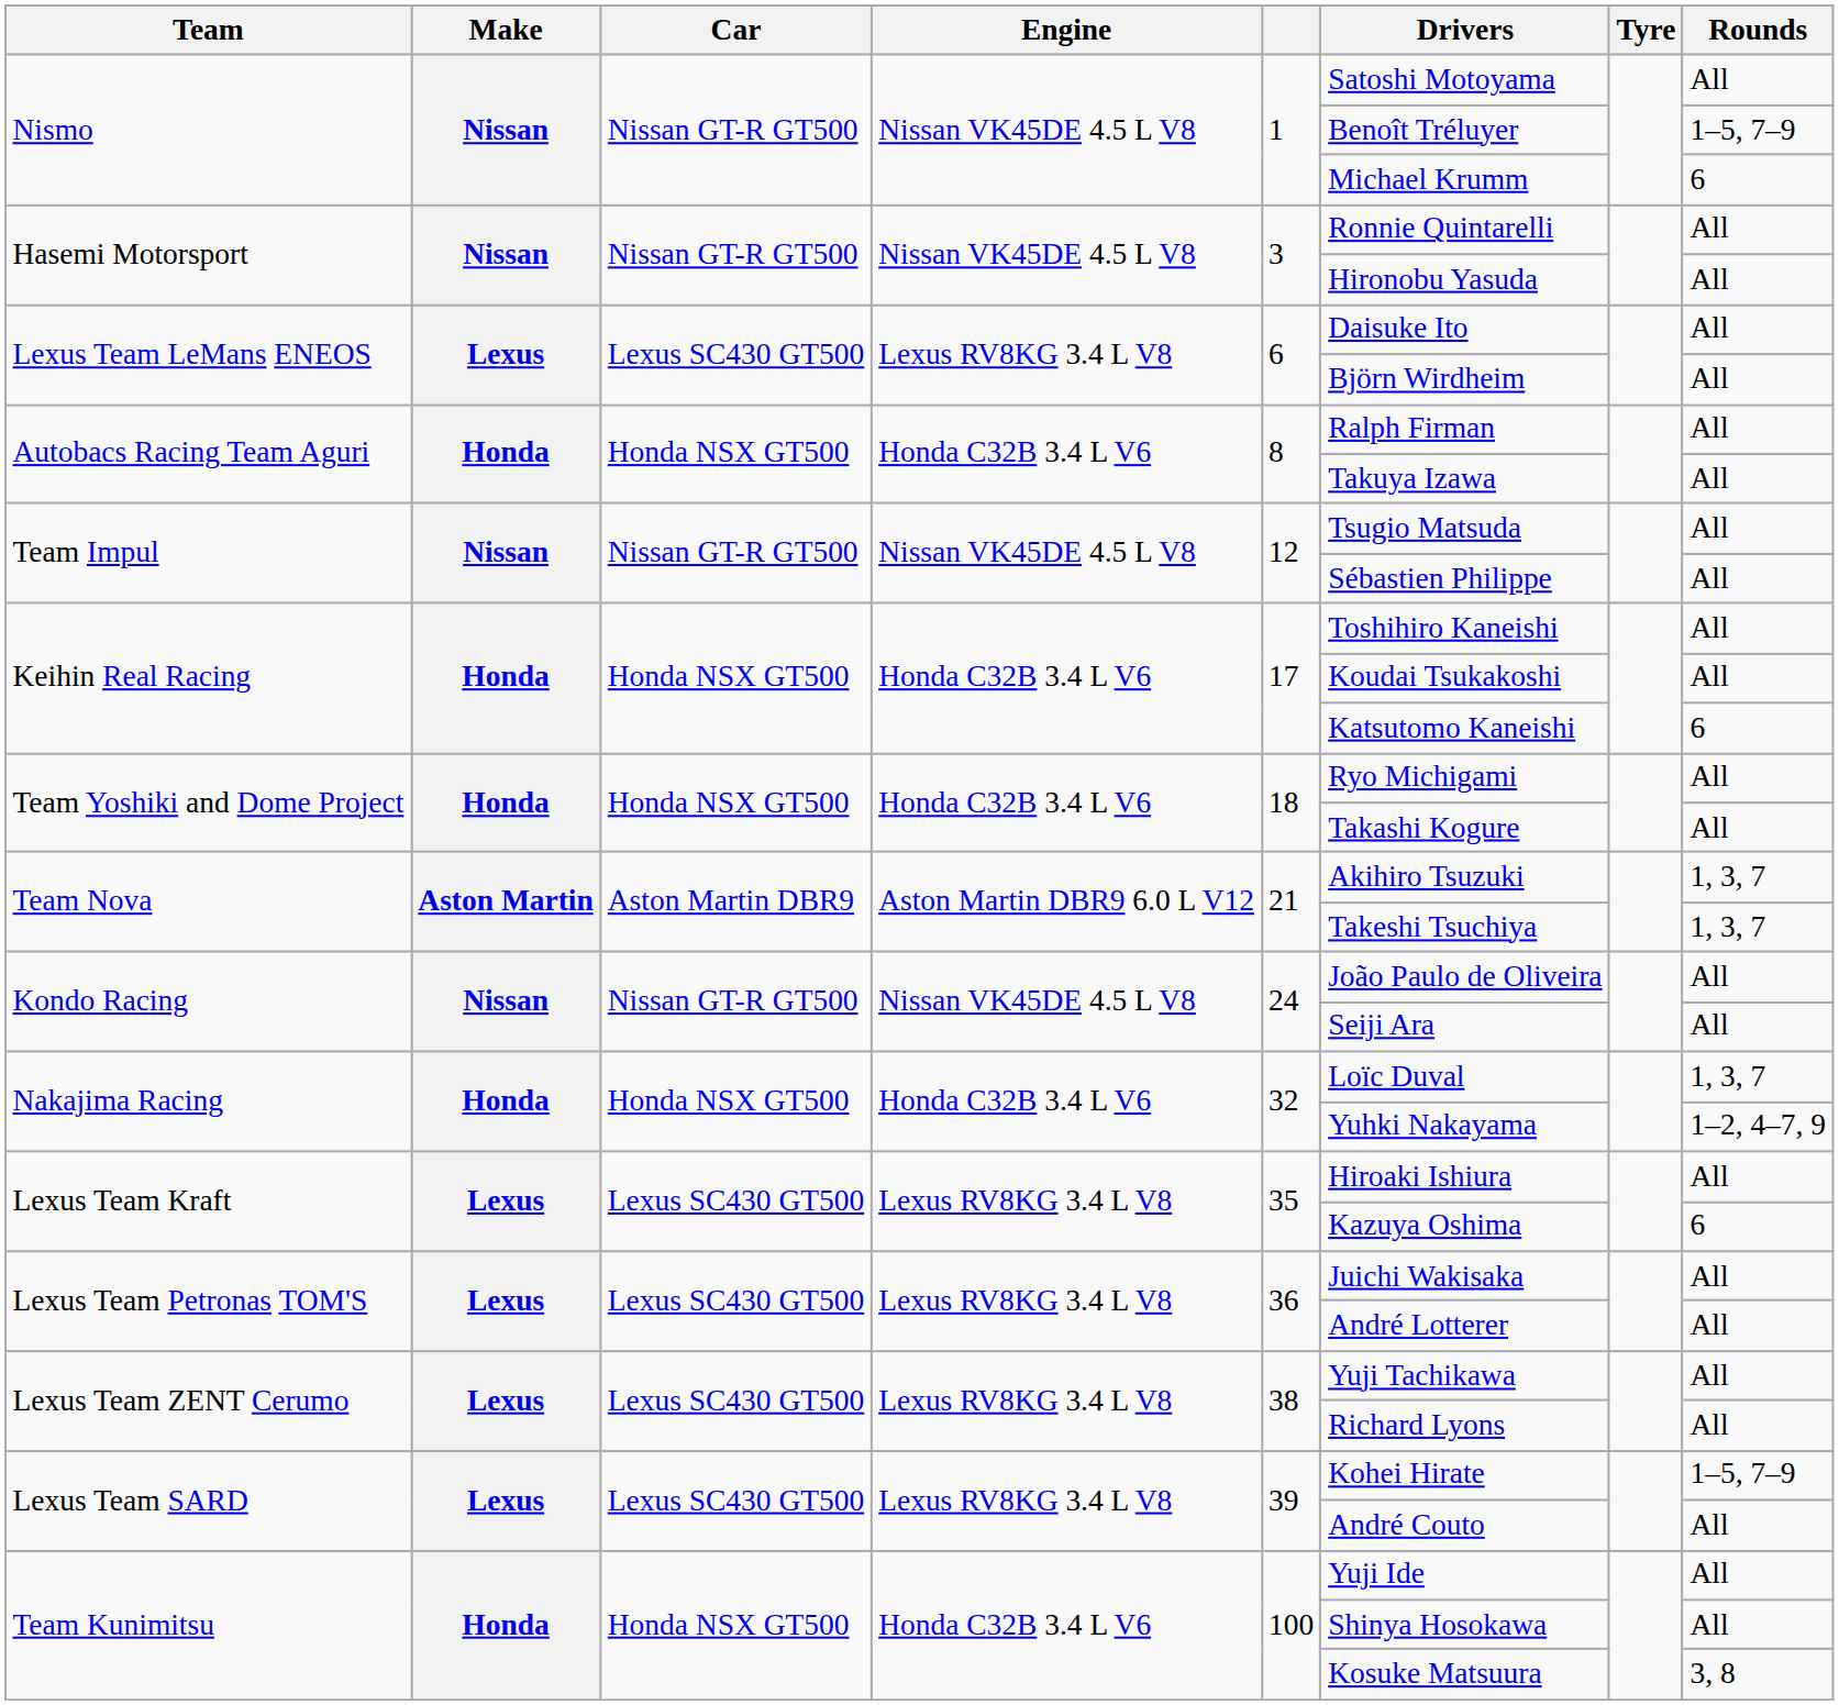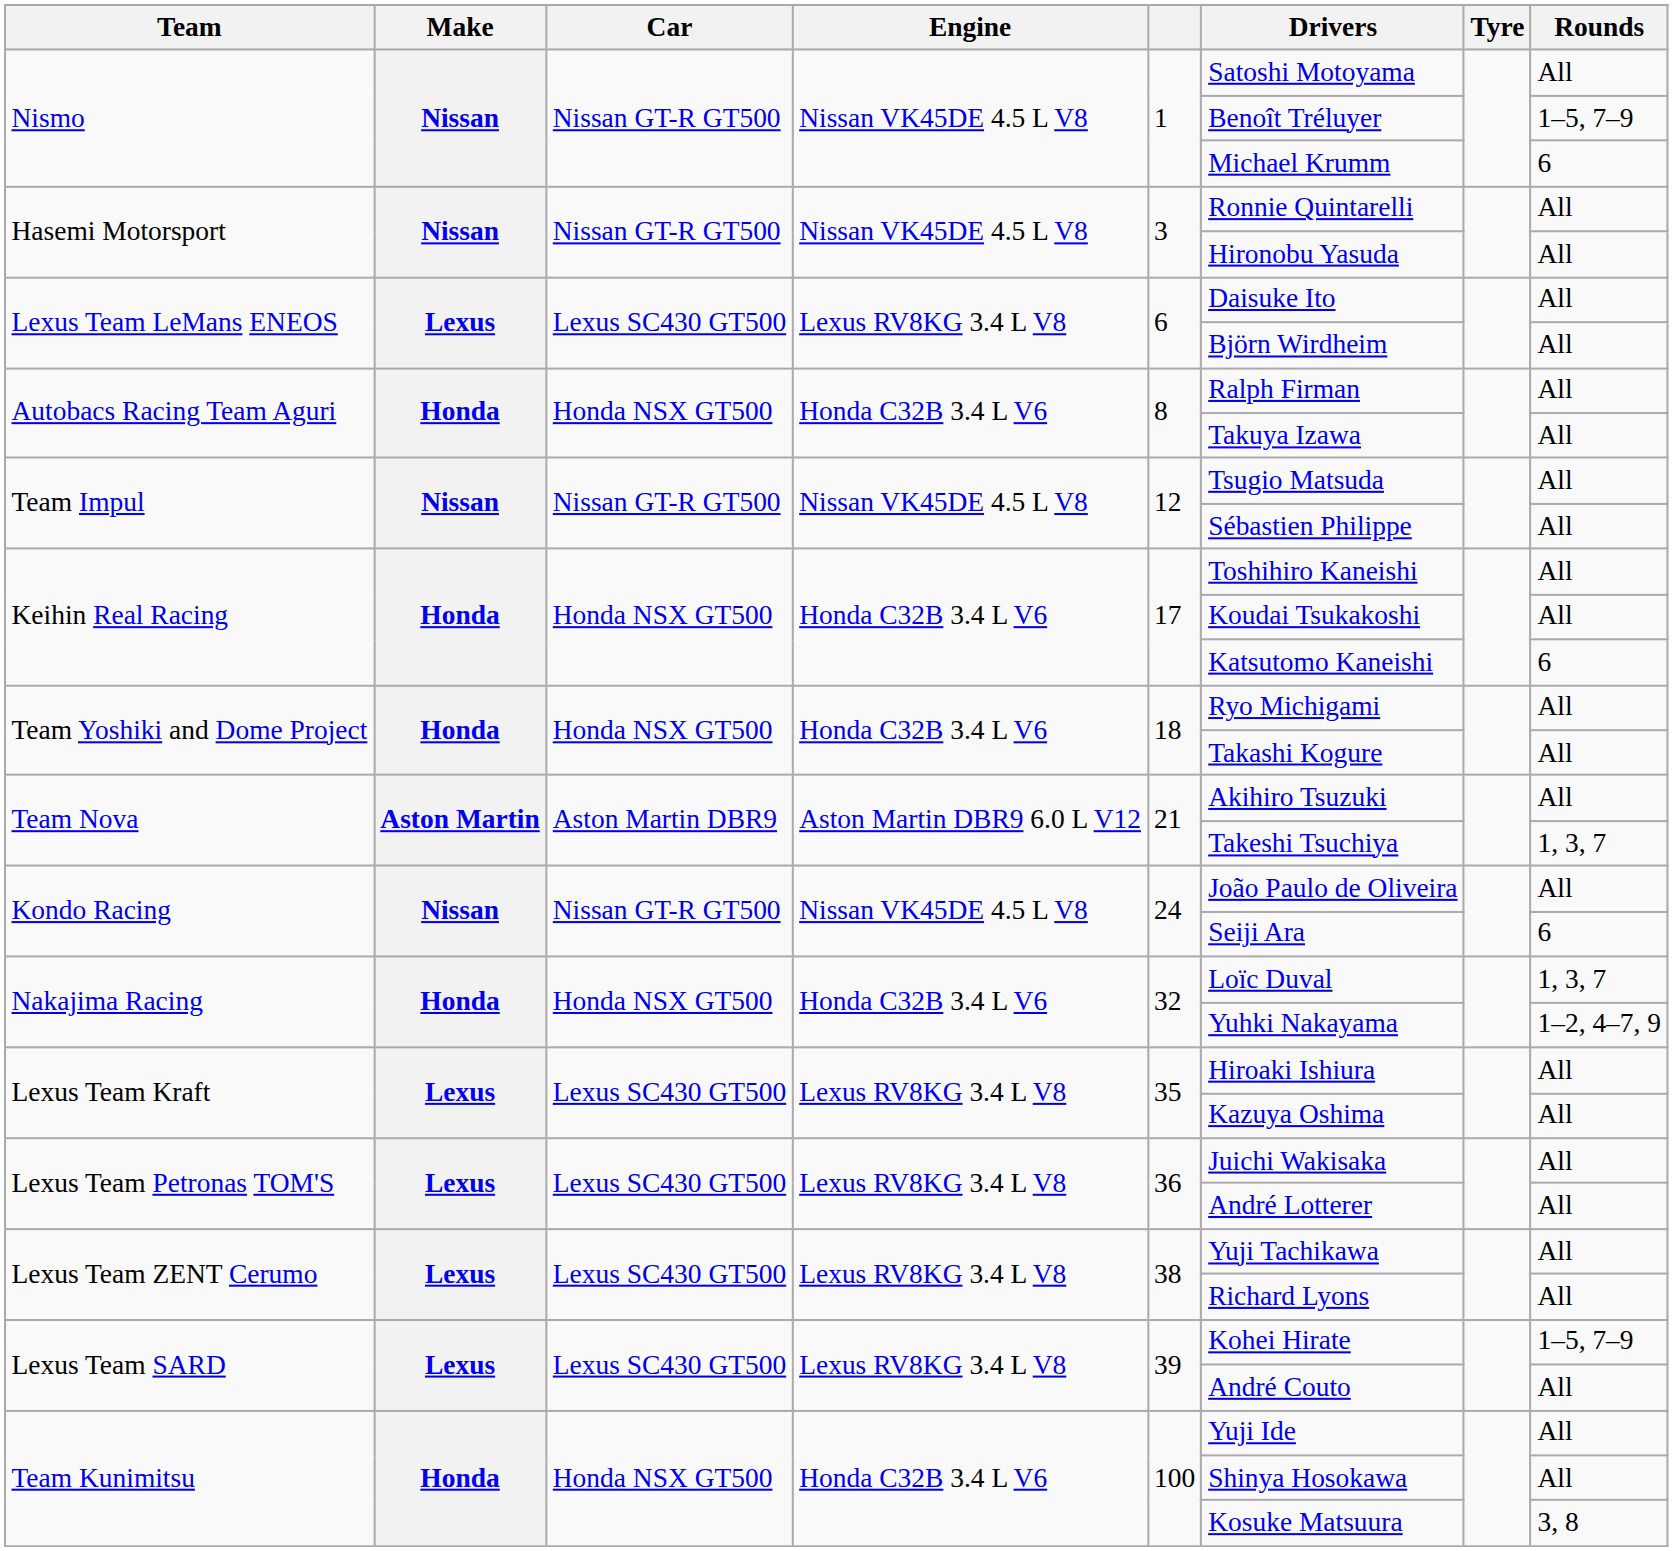 <table class="wikitable" style="font-size: 85%;">
 <tr>
 <th>Team</th>
 <th>Make</th>
 <th>Car</th>
 <th>Engine</th>
 <th></th>
 <th>Drivers</th>
 <th>Tyre</th>
 <th>Rounds</th>
 </tr>
 <tr>
 <td rowspan=3><a href='#'>Nismo</a></td>
 <th rowspan=3><a href='#'>Nissan</a></th>
 <td rowspan=3><a href='#'>Nissan GT-R GT500</a></td>
 <td rowspan=3><a href='#'>Nissan VK45DE</a> 4.5 L <a href='#'>V8</a></td>
 <td rowspan=3>1</td>
 <td> <a href='#'>Satoshi Motoyama</a></td>
 <td align=center rowspan=3></td>
 <td>All</td>
 </tr>
 <tr>
 <td> <a href='#'>Benoît Tréluyer</a></td>
 <td>1–5, 7–9</td>
 </tr>
 <tr>
 <td> <a href='#'>Michael Krumm</a></td>
 <td>6</td>
 </tr>
 <tr>
 <td rowspan=2>Hasemi Motorsport</td>
 <th rowspan=2><a href='#'>Nissan</a></th>
 <td rowspan=2><a href='#'>Nissan GT-R GT500</a></td>
 <td rowspan=2><a href='#'>Nissan VK45DE</a> 4.5 L <a href='#'>V8</a></td>
 <td rowspan=2>3</td>
 <td> <a href='#'>Ronnie Quintarelli</a></td>
 <td align=center rowspan=2></td>
 <td>All</td>
 </tr>
 <tr>
 <td> <a href='#'>Hironobu Yasuda</a></td>
 <td>All</td>
 </tr>
 <tr>
 <td rowspan=2><a href='#'>Lexus Team LeMans</a> <a href='#'>ENEOS</a></td>
 <th rowspan=2><a href='#'>Lexus</a></th>
 <td rowspan=2><a href='#'>Lexus SC430 GT500</a></td>
 <td rowspan=2><a href='#'>Lexus RV8KG</a> 3.4 L <a href='#'>V8</a></td>
 <td rowspan=2>6</td>
 <td> <a href='#'>Daisuke Ito</a></td>
 <td align=center rowspan=2></td>
 <td>All</td>
 </tr>
 <tr>
 <td> <a href='#'>Björn Wirdheim</a></td>
 <td>All</td>
 </tr>
 <tr>
 <td rowspan=2><a href='#'>Autobacs Racing Team Aguri</a></td>
 <th rowspan=2><a href='#'>Honda</a></th>
 <td rowspan=2><a href='#'>Honda NSX GT500</a></td>
 <td rowspan=2><a href='#'>Honda C32B</a> 3.4 L <a href='#'>V6</a></td>
 <td rowspan=2>8</td>
 <td> <a href='#'>Ralph Firman</a></td>
 <td align=center rowspan=2></td>
 <td>All</td>
 </tr>
 <tr>
 <td> <a href='#'>Takuya Izawa</a></td>
 <td>All</td>
 </tr>
 <tr>
 <td rowspan=2>Team <a href='#'>Impul</a></td>
 <th rowspan=2><a href='#'>Nissan</a></th>
 <td rowspan=2><a href='#'>Nissan GT-R GT500</a></td>
 <td rowspan=2><a href='#'>Nissan VK45DE</a> 4.5 L <a href='#'>V8</a></td>
 <td rowspan=2>12</td>
 <td> <a href='#'>Tsugio Matsuda</a></td>
 <td align=center rowspan=2></td>
 <td>All</td>
 </tr>
 <tr>
 <td> <a href='#'>Sébastien Philippe</a></td>
 <td>All</td>
 </tr>
 <tr>
 <td rowspan=3>Keihin <a href='#'>Real Racing</a></td>
 <th rowspan=3><a href='#'>Honda</a></th>
 <td rowspan=3><a href='#'>Honda NSX GT500</a></td>
 <td rowspan=3><a href='#'>Honda C32B</a> 3.4 L <a href='#'>V6</a></td>
 <td rowspan=3>17</td>
 <td> <a href='#'>Toshihiro Kaneishi</a></td>
 <td align=center rowspan=3></td>
 <td>All</td>
 </tr>
 <tr>
 <td> <a href='#'>Koudai Tsukakoshi</a></td>
 <td>All</td>
 </tr>
 <tr>
 <td> <a href='#'>Katsutomo Kaneishi</a></td>
 <td>6</td>
 </tr>
 <tr>
 <td rowspan=2>Team <a href='#'>Yoshiki</a> and <a href='#'>Dome Project</a></td>
 <th rowspan=2><a href='#'>Honda</a></th>
 <td rowspan=2><a href='#'>Honda NSX GT500</a></td>
 <td rowspan=2><a href='#'>Honda C32B</a> 3.4 L <a href='#'>V6</a></td>
 <td rowspan=2>18</td>
 <td> <a href='#'>Ryo Michigami</a></td>
 <td align=center rowspan=2></td>
 <td>All</td>
 </tr>
 <tr>
 <td> <a href='#'>Takashi Kogure</a></td>
 <td>All</td>
 </tr>
 <tr>
 <td rowspan=2><a href='#'>Team Nova</a></td>
 <th rowspan=2><a href='#'>Aston Martin</a></th>
 <td rowspan=2><a href='#'>Aston Martin DBR9</a></td>
 <td rowspan=2><a href='#'>Aston Martin DBR9</a> 6.0 L <a href='#'>V12</a></td>
 <td rowspan=2>21</td>
 <td> <a href='#'>Akihiro Tsuzuki</a></td>
 <td align=center rowspan=2></td>
-<td>1, 3, 7</td>
+<td>All</td>
 </tr>
 <tr>
 <td> <a href='#'>Takeshi Tsuchiya</a></td>
 <td>1, 3, 7</td>
 </tr>
 <tr>
 <td rowspan=2><a href='#'>Kondo Racing</a></td>
 <th rowspan=2><a href='#'>Nissan</a></th>
 <td rowspan=2><a href='#'>Nissan GT-R GT500</a></td>
 <td rowspan=2><a href='#'>Nissan VK45DE</a> 4.5 L <a href='#'>V8</a></td>
 <td rowspan=2>24</td>
 <td> <a href='#'>João Paulo de Oliveira</a></td>
 <td align=center rowspan=2></td>
 <td>All</td>
 </tr>
 <tr>
 <td> <a href='#'>Seiji Ara</a></td>
-<td>All</td>
+<td>6</td>
 </tr>
 <tr>
 <td rowspan=2><a href='#'>Nakajima Racing</a></td>
 <th rowspan=2><a href='#'>Honda</a></th>
 <td rowspan=2><a href='#'>Honda NSX GT500</a></td>
 <td rowspan=2><a href='#'>Honda C32B</a> 3.4 L <a href='#'>V6</a></td>
 <td rowspan=2>32</td>
 <td> <a href='#'>Loïc Duval</a></td>
 <td align=center rowspan=2></td>
 <td>1, 3, 7</td>
 </tr>
 <tr>
 <td> <a href='#'>Yuhki Nakayama</a></td>
 <td>1–2, 4–7, 9</td>
 </tr>
 <tr>
 <td rowspan=2>Lexus Team Kraft</td>
 <th rowspan=2><a href='#'>Lexus</a></th>
 <td rowspan=2><a href='#'>Lexus SC430 GT500</a></td>
 <td rowspan=2><a href='#'>Lexus RV8KG</a> 3.4 L <a href='#'>V8</a></td>
 <td rowspan=2>35</td>
 <td> <a href='#'>Hiroaki Ishiura</a></td>
 <td align=center rowspan=2></td>
 <td>All</td>
 </tr>
 <tr>
 <td> <a href='#'>Kazuya Oshima</a></td>
-<td>6</td>
+<td>All</td>
 </tr>
 <tr>
 <td rowspan=2>Lexus Team <a href='#'>Petronas</a> <a href='#'>TOM'S</a></td>
 <th rowspan=2><a href='#'>Lexus</a></th>
 <td rowspan=2><a href='#'>Lexus SC430 GT500</a></td>
 <td rowspan=2><a href='#'>Lexus RV8KG</a> 3.4 L <a href='#'>V8</a></td>
 <td rowspan=2>36</td>
 <td> <a href='#'>Juichi Wakisaka</a></td>
 <td align=center rowspan=2></td>
 <td>All</td>
 </tr>
 <tr>
 <td> <a href='#'>André Lotterer</a></td>
 <td>All</td>
 </tr>
 <tr>
 <td rowspan=2>Lexus Team ZENT <a href='#'>Cerumo</a></td>
 <th rowspan=2><a href='#'>Lexus</a></th>
 <td rowspan=2><a href='#'>Lexus SC430 GT500</a></td>
 <td rowspan=2><a href='#'>Lexus RV8KG</a> 3.4 L <a href='#'>V8</a></td>
 <td rowspan=2>38</td>
 <td> <a href='#'>Yuji Tachikawa</a></td>
 <td align=center rowspan=2></td>
 <td>All</td>
 </tr>
 <tr>
 <td> <a href='#'>Richard Lyons</a></td>
 <td>All</td>
 </tr>
 <tr>
 <td rowspan=2>Lexus Team <a href='#'>SARD</a></td>
 <th rowspan=2><a href='#'>Lexus</a></th>
 <td rowspan=2><a href='#'>Lexus SC430 GT500</a></td>
 <td rowspan=2><a href='#'>Lexus RV8KG</a> 3.4 L <a href='#'>V8</a></td>
 <td rowspan=2>39</td>
 <td> <a href='#'>Kohei Hirate</a></td>
 <td align=center rowspan=2></td>
 <td>1–5, 7–9</td>
 </tr>
 <tr>
 <td> <a href='#'>André Couto</a></td>
 <td>All</td>
 </tr>
 <tr>
 <td rowspan=3><a href='#'>Team Kunimitsu</a></td>
 <th rowspan=3><a href='#'>Honda</a></th>
 <td rowspan=3><a href='#'>Honda NSX GT500</a></td>
 <td rowspan=3><a href='#'>Honda C32B</a> 3.4 L <a href='#'>V6</a></td>
 <td rowspan=3>100</td>
 <td> <a href='#'>Yuji Ide</a></td>
 <td align=center rowspan=3></td>
 <td>All</td>
 </tr>
 <tr>
 <td> <a href='#'>Shinya Hosokawa</a></td>
 <td>All</td>
 </tr>
 <tr>
 <td> <a href='#'>Kosuke Matsuura</a></td>
 <td>3, 8</td>
 </tr>
 </table>
